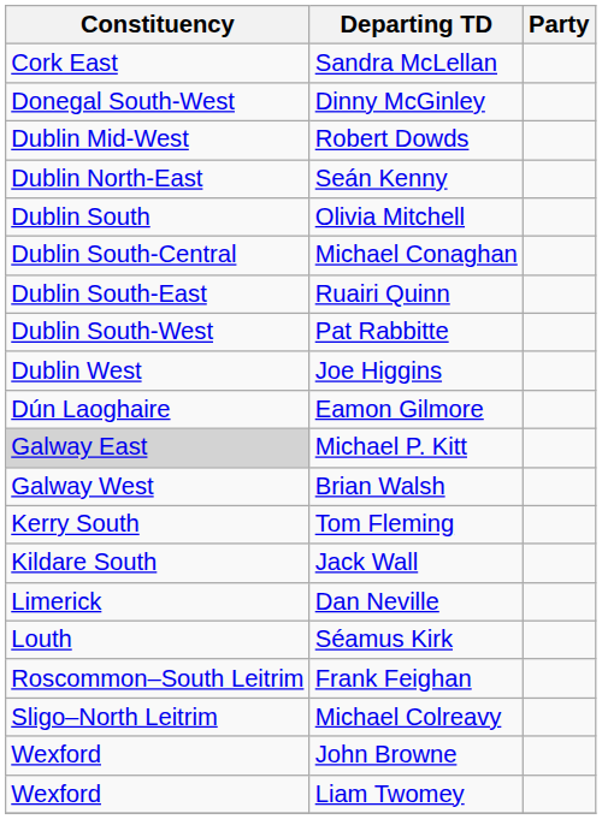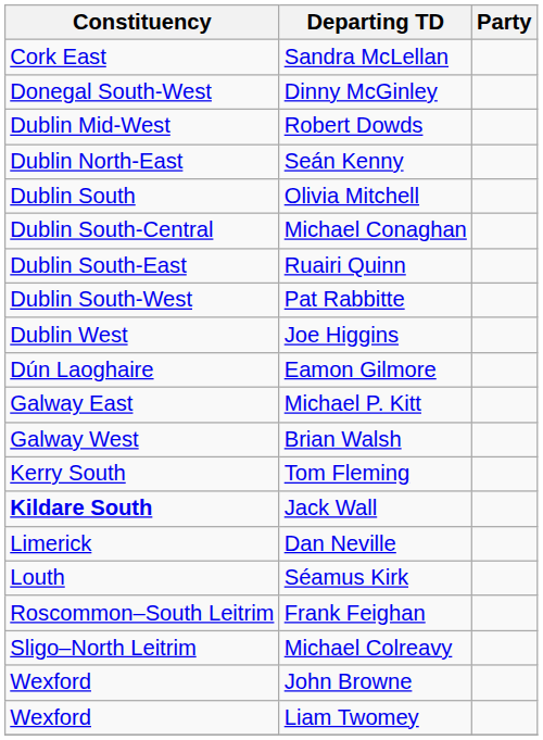 <table class="wikitable">
 <tr>
 <th>Constituency</th>
 <th>Departing TD</th>
 <th colspan="2">Party</th>
 </tr>
 <tr>
 <td><a href='#'>Cork East</a></td>
 <td><a href='#'>Sandra McLellan</a></td>
 <td></td>
 </tr>
 <tr>
 <td><a href='#'>Donegal South-West</a></td>
 <td><a href='#'>Dinny McGinley</a></td>
 <td></td>
 </tr>
 <tr>
 <td><a href='#'>Dublin Mid-West</a></td>
 <td><a href='#'>Robert Dowds</a></td>
 <td></td>
 </tr>
 <tr>
 <td><a href='#'>Dublin North-East</a></td>
 <td><a href='#'>Seán Kenny</a></td>
 <td></td>
 </tr>
 <tr>
 <td><a href='#'>Dublin South</a></td>
 <td><a href='#'>Olivia Mitchell</a></td>
 <td></td>
 </tr>
 <tr>
 <td><a href='#'>Dublin South-Central</a></td>
 <td><a href='#'>Michael Conaghan</a></td>
 <td></td>
 </tr>
 <tr>
 <td><a href='#'>Dublin South-East</a></td>
 <td><a href='#'>Ruairi Quinn</a></td>
 <td></td>
 </tr>
 <tr>
 <td><a href='#'>Dublin South-West</a></td>
 <td><a href='#'>Pat Rabbitte</a></td>
 <td></td>
 </tr>
 <tr>
 <td><a href='#'>Dublin West</a></td>
 <td><a href='#'>Joe Higgins</a></td>
 <td></td>
 </tr>
 <tr>
 <td><a href='#'>Dún Laoghaire</a></td>
 <td><a href='#'>Eamon Gilmore</a></td>
 <td></td>
 </tr>
 <tr>
-<td style="background: lightgrey;"><a href='#'>Galway East</a></td>
+<td><a href='#'>Galway East</a></td>
 <td><a href='#'>Michael P. Kitt</a></td>
 <td></td>
 </tr>
 <tr>
 <td><a href='#'>Galway West</a></td>
 <td><a href='#'>Brian Walsh</a></td>
 <td></td>
 </tr>
 <tr>
 <td><a href='#'>Kerry South</a></td>
 <td><a href='#'>Tom Fleming</a></td>
 <td></td>
 </tr>
 <tr>
-<td><a href='#'>Kildare South</a></td>
+<td><strong><a href='#'>Kildare South</a></strong></td>
 <td><a href='#'>Jack Wall</a></td>
 <td></td>
 </tr>
 <tr>
 <td><a href='#'>Limerick</a></td>
 <td><a href='#'>Dan Neville</a></td>
 <td></td>
 </tr>
 <tr>
 <td><a href='#'>Louth</a></td>
 <td><a href='#'>Séamus Kirk</a></td>
 <td></td>
 </tr>
 <tr>
 <td><a href='#'>Roscommon–South Leitrim</a></td>
 <td><a href='#'>Frank Feighan</a></td>
 <td></td>
 </tr>
 <tr>
 <td><a href='#'>Sligo–North Leitrim</a></td>
 <td><a href='#'>Michael Colreavy</a></td>
 <td></td>
 </tr>
 <tr>
 <td><a href='#'>Wexford</a></td>
 <td><a href='#'>John Browne</a></td>
 <td></td>
 </tr>
 <tr>
 <td><a href='#'>Wexford</a></td>
 <td><a href='#'>Liam Twomey</a></td>
 <td></td>
 </tr>
 <tr>
 </tr>
 </table>
